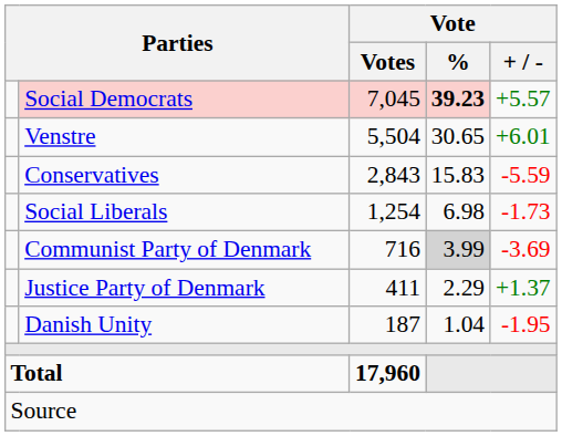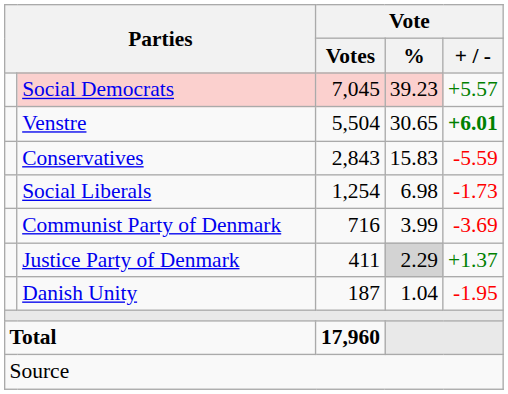 <table class="wikitable" style="text-align:right;">
 <tr>
 <th style="text-align:centre;" rowspan="2" colspan="2" width="225">Parties</th>
 <th colspan="3">Vote</th>
 </tr>
 <tr>
 <th width="15">Votes</th>
 <th width="15">%</th>
 <th width="15">+ / -</th>
 </tr>
 <tr>
 <td width="2" style="color:inherit;background:"></td>
 <td bgcolor=#fbd0ce  align="left"><a href='#'>Social Democrats</a></td>
 <td bgcolor=#fbd0ce>7,045</td>
-<td bgcolor=#fbd0ce><strong>39.23</strong></td>
+<td bgcolor=#fbd0ce>39.23</td>
 <td style=color:green;>+5.57</td>
 </tr>
 <tr>
 <td width="2" style="color:inherit;background:"></td>
 <td align="left"><a href='#'>Venstre</a></td>
 <td>5,504</td>
 <td>30.65</td>
-<td style=color:green;>+6.01</td>
+<td style=color:green;><strong>+6.01</strong></td>
 </tr>
 <tr>
 <td width="2" style="color:inherit;background:"></td>
 <td align="left"><a href='#'>Conservatives</a></td>
 <td>2,843</td>
 <td>15.83</td>
 <td style=color:red;>-5.59</td>
 </tr>
 <tr>
 <td width="2" style="color:inherit;background:"></td>
 <td align="left"><a href='#'>Social Liberals</a></td>
 <td>1,254</td>
 <td>6.98</td>
 <td style=color:red;>-1.73</td>
 </tr>
 <tr>
 <td width="2" style="color:inherit;background:"></td>
 <td align="left"><a href='#'>Communist Party of Denmark</a></td>
 <td>716</td>
-<td style="background: lightgrey;">3.99</td>
+<td>3.99</td>
 <td style=color:red;>-3.69</td>
 </tr>
 <tr>
 <td width="2" style="color:inherit;background:"></td>
 <td align="left"><a href='#'>Justice Party of Denmark</a></td>
 <td>411</td>
-<td>2.29</td>
+<td style="background: lightgrey;">2.29</td>
 <td style=color:green;>+1.37</td>
 </tr>
 <tr>
 <td width="2" style="color:inherit;background:"></td>
 <td align="left"><a href='#'>Danish Unity</a></td>
 <td>187</td>
 <td>1.04</td>
 <td style=color:red;>-1.95</td>
 </tr>
 <tr>
 <td colspan="7" bgcolor="#E9E9E9"></td>
 </tr>
 <tr>
 <td align="left" colspan="2"><strong>Total</strong></td>
 <td><strong>17,960</strong></td>
 <td bgcolor="#E9E9E9" colspan="2"></td>
 </tr>
 <tr>
 <td align="left" colspan="6">Source</td>
 </tr>
 </table>
